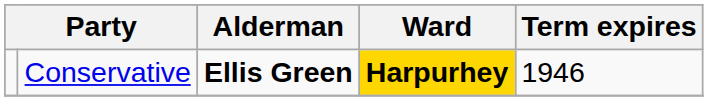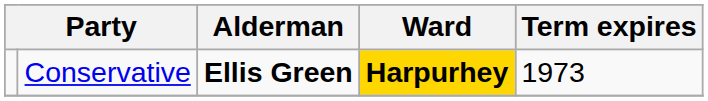 <table class="wikitable">
 <tr>
 <th colspan="2">Party</th>
 <th>Alderman</th>
 <th>Ward</th>
 <th>Term expires</th>
 </tr>
 <tr>
 <td style="background-color:"></td>
 <td><a href='#'>Conservative</a></td>
 <td><strong>Ellis Green</strong></td>
 <td style="background: gold;"><strong>Harpurhey</strong></td>
-<td>1946</td>
+<td>1973</td>
 </tr>
 <tr>
 </tr>
 </table>
